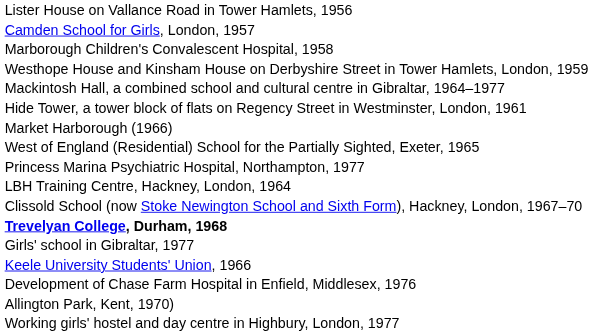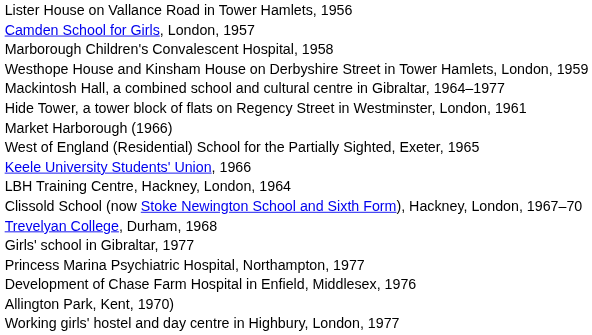 <table>
 <tr>
 <td>Lister House on Vallance Road in Tower Hamlets, 1956</td>
 </tr>
 <tr>
 <td><a href='#'>Camden School for Girls</a>, London, 1957</td>
 </tr>
 <tr>
 <td>Marborough Children's Convalescent Hospital, 1958</td>
 </tr>
 <tr>
 <td>Westhope House and Kinsham House on Derbyshire Street in Tower Hamlets, London, 1959</td>
 </tr>
 <tr>
 <td>Mackintosh Hall, a combined school and cultural centre in Gibraltar, 1964–1977</td>
 </tr>
 <tr>
 <td>Hide Tower, a tower block of flats on Regency Street in Westminster, London, 1961</td>
 </tr>
 <tr>
 <td>Market Harborough (1966)</td>
 </tr>
 <tr>
 <td>West of England (Residential) School for the Partially Sighted, Exeter, 1965</td>
 </tr>
 <tr>
-<td>Princess Marina Psychiatric Hospital, Northampton, 1977</td>
+<td><a href='#'>Keele University Students' Union</a>, 1966</td>
 </tr>
 <tr>
 <td>LBH Training Centre, Hackney, London, 1964</td>
 </tr>
 <tr>
 <td>Clissold School (now <a href='#'>Stoke Newington School and Sixth Form</a>), Hackney, London, 1967–70</td>
 </tr>
 <tr>
-<td><strong><a href='#'>Trevelyan College</a>, Durham, 1968</strong></td>
+<td><a href='#'>Trevelyan College</a>, Durham, 1968</td>
 </tr>
 <tr>
 <td>Girls' school in Gibraltar, 1977</td>
 </tr>
 <tr>
-<td><a href='#'>Keele University Students' Union</a>, 1966</td>
+<td>Princess Marina Psychiatric Hospital, Northampton, 1977</td>
 </tr>
 <tr>
 <td>Development of Chase Farm Hospital in Enfield, Middlesex, 1976</td>
 </tr>
 <tr>
 <td>Allington Park, Kent, 1970)</td>
 </tr>
 <tr>
 <td>Working girls' hostel and day centre in Highbury, London, 1977</td>
 </tr>
 </table>
